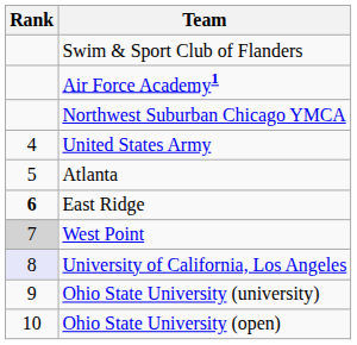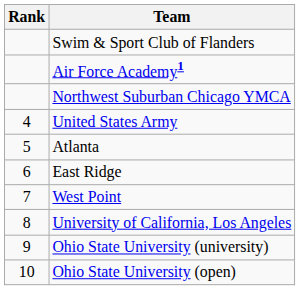 <table class="wikitable">
 <tr>
 <th>Rank</th>
 <th>Team</th>
 </tr>
 <tr>
 <td align=center></td>
 <td align="left">Swim & Sport Club of Flanders</td>
 </tr>
 <tr>
 <td align=center></td>
 <td align="left"><a href='#'>Air Force Academy</a><sup><strong><a href='#'>1</a></strong></sup></td>
 </tr>
 <tr>
 <td align=center></td>
 <td align="left"><a href='#'>Northwest Suburban Chicago YMCA</a></td>
 </tr>
 <tr>
 <td align=center>4</td>
 <td align="left"><a href='#'>United States Army</a></td>
 </tr>
 <tr>
 <td align=center>5</td>
 <td align="left">Atlanta</td>
 </tr>
 <tr>
-<td align=center><strong>6</strong></td>
+<td align=center>6</td>
 <td align="left">East Ridge</td>
 </tr>
 <tr>
-<td align=center style="background: lightgrey;">7</td>
+<td align=center>7</td>
 <td align="left"><a href='#'>West Point</a></td>
 </tr>
 <tr>
-<td align=center style="background: lavender;">8</td>
+<td align=center>8</td>
 <td align="left"><a href='#'>University of California, Los Angeles</a></td>
 </tr>
 <tr>
 <td align=center>9</td>
 <td align="left"><a href='#'>Ohio State University</a> (university)</td>
 </tr>
 <tr>
 <td align=center>10</td>
 <td align="left"><a href='#'>Ohio State University</a> (open)</td>
 </tr>
 </table>
